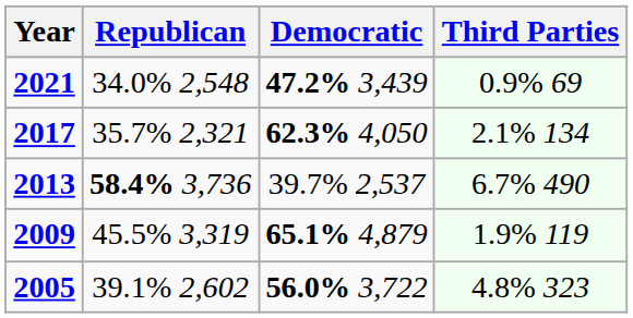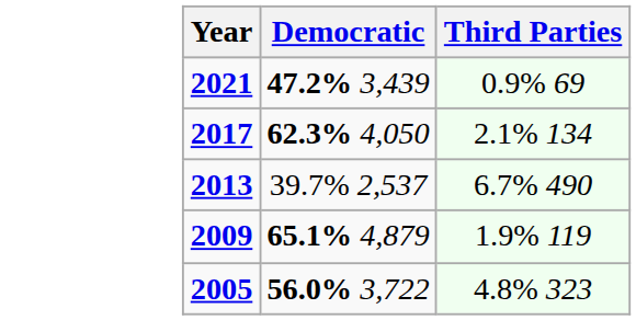 <table class="wikitable" style="float:right; font-size:95%;">
 <tr bgcolor=lightgrey>
 <th>Year</th>
-<th><a href='#'>Republican</a></th>
 <th><a href='#'>Democratic</a></th>
 <th><a href='#'>Third Parties</a></th>
 </tr>
 <tr>
 <td style="text-align:center; "><strong><a href='#'>2021</a></strong></td>
-<td style="text-align:center; ">34.0% <em>2,548</em></td>
 <td style="text-align:center; "><strong>47.2%</strong>  <em>3,439</em></td>
 <td style="text-align:center; background:honeyDew;">0.9% <em>69</em></td>
 </tr>
 <tr>
 <td style="text-align:center; "><strong><a href='#'>2017</a></strong></td>
-<td style="text-align:center; ">35.7% <em>2,321</em></td>
 <td style="text-align:center; "><strong>62.3%</strong>  <em>4,050</em></td>
 <td style="text-align:center; background:honeyDew;">2.1% <em>134</em></td>
 </tr>
 <tr>
 <td style="text-align:center; "><strong><a href='#'>2013</a></strong></td>
-<td style="text-align:center; "><strong>58.4%</strong> <em>3,736</em></td>
 <td style="text-align:center; ">39.7%  <em>2,537</em></td>
 <td style="text-align:center; background:honeyDew;">6.7% <em>490</em></td>
 </tr>
 <tr>
 <td style="text-align:center; "><strong><a href='#'>2009</a></strong></td>
-<td style="text-align:center; ">45.5% <em>3,319</em></td>
 <td style="text-align:center; "><strong>65.1%</strong>  <em>4,879</em></td>
 <td style="text-align:center; background:honeyDew;">1.9% <em>119</em></td>
 </tr>
 <tr>
 <td style="text-align:center; "><strong><a href='#'>2005</a></strong></td>
-<td style="text-align:center; ">39.1% <em>2,602</em></td>
 <td style="text-align:center; "><strong>56.0%</strong> <em>3,722</em></td>
 <td style="text-align:center; background:honeyDew;">4.8% <em>323</em></td>
 </tr>
 </table>
